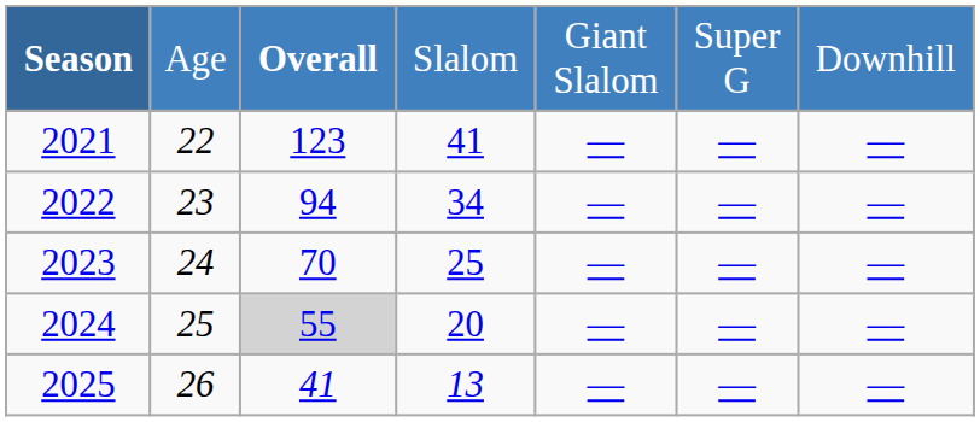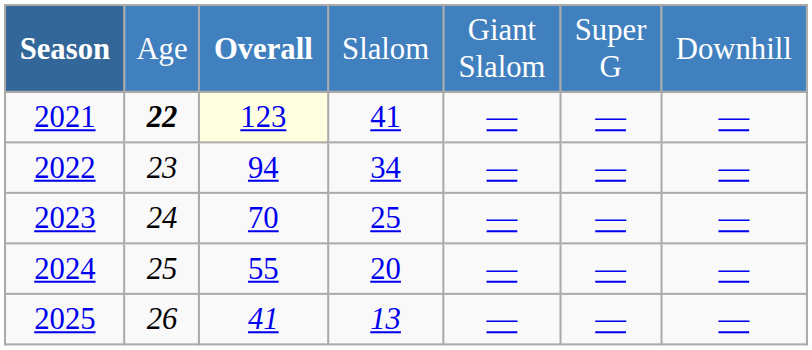 <table class="wikitable" style="font-size:95%; text-align:center; border:grey solid 1px; border-collapse:collapse;" width="45%">
 <tr style="background-color:#369; color:white;">
 <td rowspan="2" colspan="1" width="5%"><strong>Season</strong></td>
 </tr>
 <tr style="background-color:#4180be; color:white;">
 <td width="3%">Age</td>
 <td width="5%"><strong>Overall</strong></td>
 <td width="5%">Slalom</td>
 <td width="5%">Giant<br>Slalom</td>
 <td width="5%">Super G</td>
 <td width="5%">Downhill</td>
 </tr>
 <tr style="background-color:#8CB2D8; color:white;">
 </tr>
 <tr>
 <td><a href='#'>2021</a></td>
-<td><em>22</em></td>
-<td><a href='#'>123</a></td>
+<td><strong><em>22</em></strong></td>
+<td style="background: lightyellow;"><a href='#'>123</a></td>
 <td><a href='#'>41</a></td>
 <td><a href='#'>—</a></td>
 <td><a href='#'>—</a></td>
 <td><a href='#'>—</a></td>
 </tr>
 <tr>
 <td><a href='#'>2022</a></td>
 <td><em>23</em></td>
 <td><a href='#'>94</a></td>
 <td><a href='#'>34</a></td>
 <td><a href='#'>—</a></td>
 <td><a href='#'>—</a></td>
 <td><a href='#'>—</a></td>
 </tr>
 <tr>
 <td><a href='#'>2023</a></td>
 <td><em>24</em></td>
 <td><a href='#'>70</a></td>
 <td><a href='#'>25</a></td>
 <td><a href='#'>—</a></td>
 <td><a href='#'>—</a></td>
 <td><a href='#'>—</a></td>
 </tr>
 <tr>
 <td><a href='#'>2024</a></td>
 <td><em>25</em></td>
-<td style="background: lightgrey;"><a href='#'>55</a></td>
+<td><a href='#'>55</a></td>
 <td><a href='#'>20</a></td>
 <td><a href='#'>—</a></td>
 <td><a href='#'>—</a></td>
 <td><a href='#'>—</a></td>
 </tr>
 <tr>
 <td><a href='#'>2025</a></td>
 <td><em>26</em></td>
 <td><a href='#'><em>41</em></a></td>
 <td><a href='#'><em>13</em></a></td>
 <td><a href='#'>—</a></td>
 <td><a href='#'>—</a></td>
 <td><a href='#'>—</a></td>
 </tr>
 </table>
